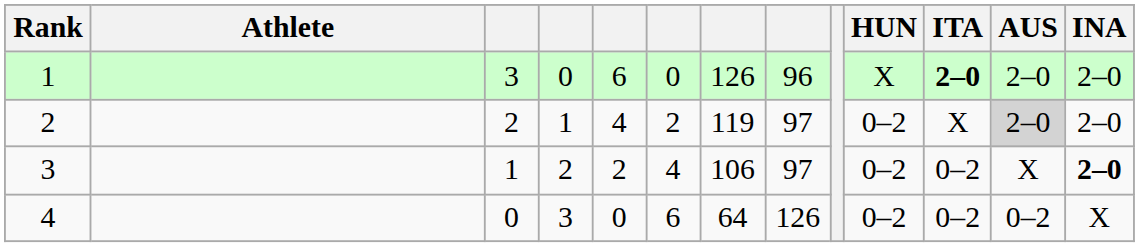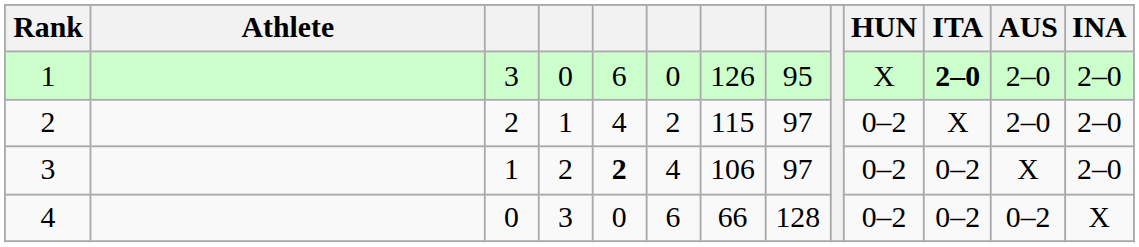 <table class="wikitable" style="text-align:center">
 <tr>
 <th width=40>Rank</th>
 <th width=300>Athlete</th>
 <th width=30></th>
 <th width=30></th>
 <th width=30></th>
 <th width=30></th>
 <th width=30></th>
 <th width=30></th>
 <th rowspan=5></th>
 <th width=30>HUN</th>
 <th width=30>ITA</th>
 <th width=30>AUS</th>
 <th width=30>INA</th>
 </tr>
 <tr style="background-color:#ccffcc;">
 <td>1</td>
 <td align=left></td>
 <td>3</td>
 <td>0</td>
 <td>6</td>
 <td>0</td>
 <td>126</td>
-<td>96</td>
+<td>95</td>
 <td>X</td>
 <td><strong>2–0</strong></td>
 <td>2–0</td>
 <td>2–0</td>
 </tr>
 <tr>
 <td>2</td>
 <td align=left></td>
 <td>2</td>
 <td>1</td>
 <td>4</td>
 <td>2</td>
-<td>119</td>
+<td>115</td>
 <td>97</td>
 <td>0–2</td>
 <td>X</td>
-<td style="background: lightgrey;">2–0</td>
+<td>2–0</td>
 <td>2–0</td>
 </tr>
 <tr>
 <td>3</td>
 <td align=left></td>
 <td>1</td>
 <td>2</td>
-<td>2</td>
+<td><strong>2</strong></td>
 <td>4</td>
 <td>106</td>
 <td>97</td>
 <td>0–2</td>
 <td>0–2</td>
 <td>X</td>
-<td><strong>2–0</strong></td>
+<td>2–0</td>
 </tr>
 <tr>
 <td>4</td>
 <td align=left></td>
 <td>0</td>
 <td>3</td>
 <td>0</td>
 <td>6</td>
-<td>64</td>
-<td>126</td>
+<td>66</td>
+<td>128</td>
 <td>0–2</td>
 <td>0–2</td>
 <td>0–2</td>
 <td>X</td>
 </tr>
 </table>
